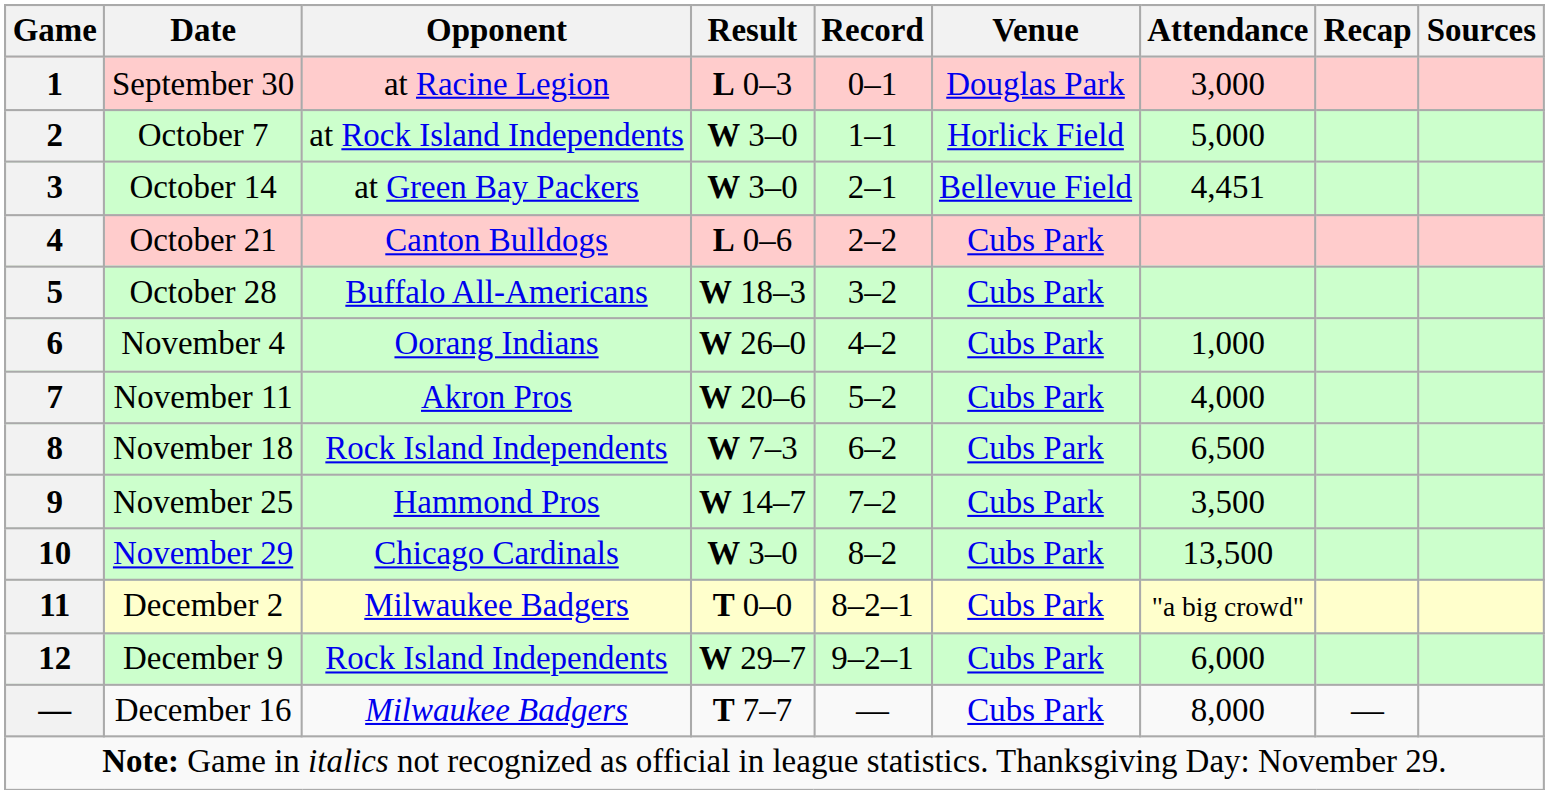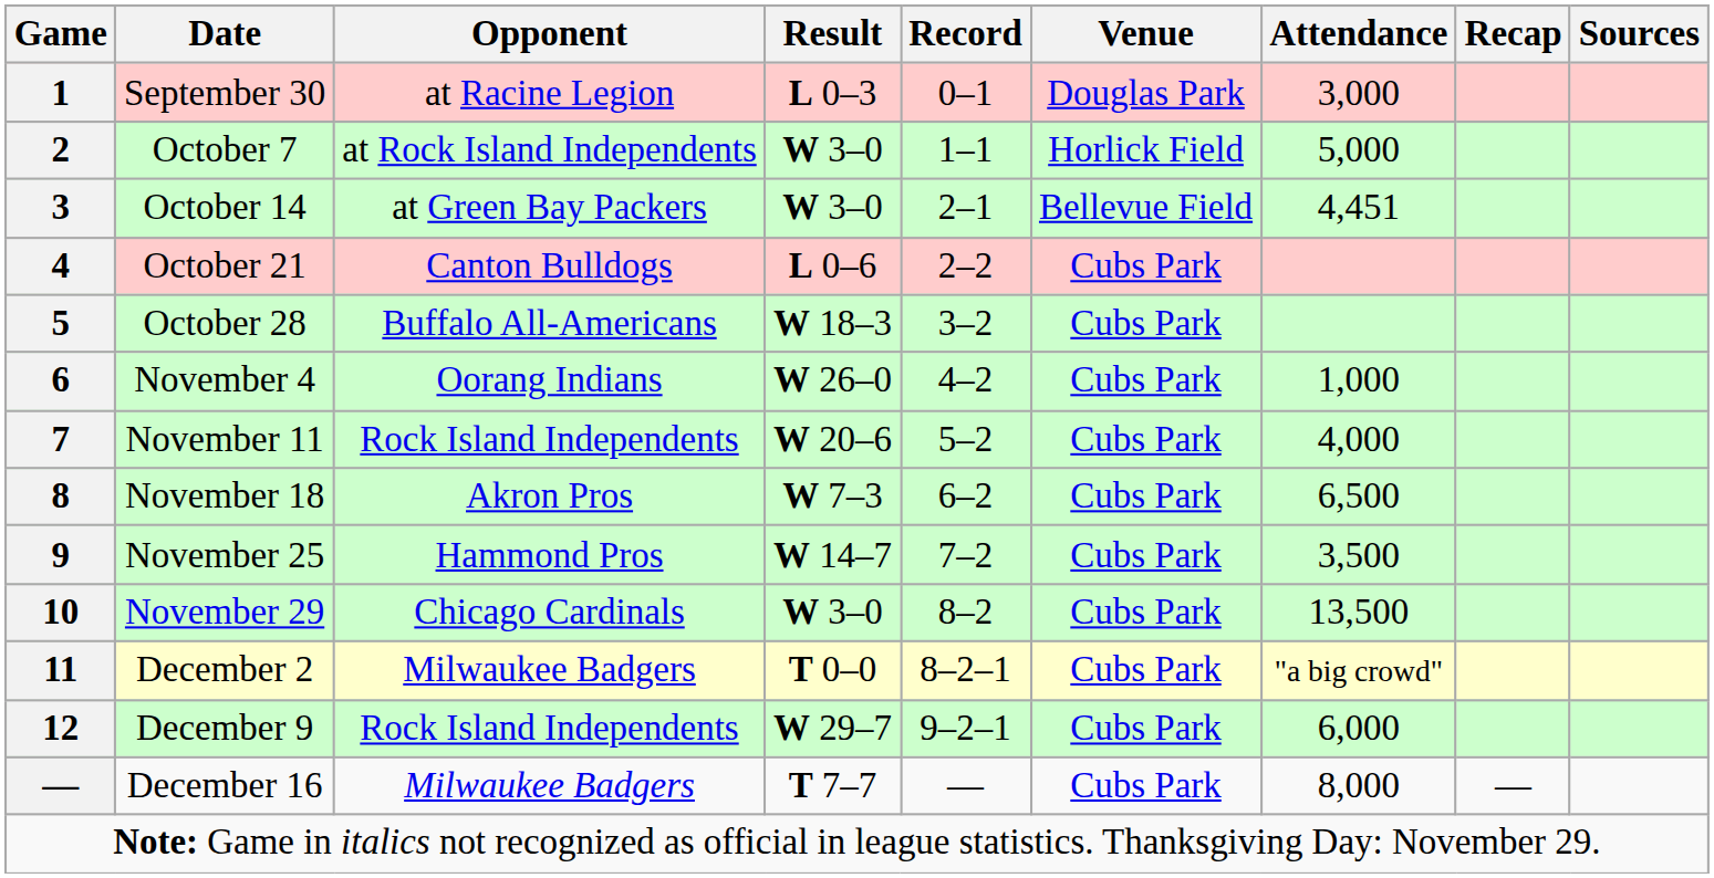 <table class="wikitable" style="text-align:center">
 <tr>
 <th>Game</th>
 <th>Date</th>
 <th>Opponent</th>
 <th>Result</th>
 <th>Record</th>
 <th>Venue</th>
 <th>Attendance</th>
 <th>Recap</th>
 <th>Sources</th>
 </tr>
 <tr style="background:#fcc">
 <th>1</th>
 <td>September  30</td>
 <td>at <a href='#'>Racine Legion</a></td>
 <td><strong>L</strong> 0–3</td>
 <td>0–1</td>
 <td><a href='#'>Douglas Park</a></td>
 <td>3,000 </td>
 <td></td>
 <td></td>
 </tr>
 <tr style="background:#cfc">
 <th>2</th>
 <td>October  7</td>
 <td>at <a href='#'>Rock Island Independents</a></td>
 <td><strong>W</strong> 3–0</td>
 <td>1–1</td>
 <td><a href='#'>Horlick Field</a></td>
 <td>5,000</td>
 <td></td>
 <td></td>
 </tr>
 <tr style="background:#cfc">
 <th>3</th>
 <td>October 14</td>
 <td>at <a href='#'>Green Bay Packers</a></td>
 <td><strong>W</strong> 3–0</td>
 <td>2–1</td>
 <td><a href='#'>Bellevue Field</a></td>
 <td>4,451</td>
 <td></td>
 <td></td>
 </tr>
 <tr style="background:#fcc">
 <th>4</th>
 <td>October 21</td>
 <td><a href='#'>Canton Bulldogs</a></td>
 <td><strong>L</strong> 0–6</td>
 <td>2–2</td>
 <td><a href='#'>Cubs Park</a></td>
 <td></td>
 <td></td>
 <td></td>
 </tr>
 <tr style="background:#cfc">
 <th>5</th>
 <td>October 28</td>
 <td><a href='#'>Buffalo All-Americans</a></td>
 <td><strong>W</strong> 18–3</td>
 <td>3–2</td>
 <td><a href='#'>Cubs Park</a></td>
 <td></td>
 <td></td>
 <td></td>
 </tr>
 <tr style="background:#cfc">
 <th>6</th>
 <td>November 4</td>
 <td><a href='#'>Oorang Indians</a></td>
 <td><strong>W</strong> 26–0</td>
 <td>4–2</td>
 <td><a href='#'>Cubs Park</a></td>
 <td>1,000</td>
 <td></td>
 <td></td>
 </tr>
 <tr style="background:#cfc">
 <th>7</th>
 <td>November 11</td>
-<td><a href='#'>Akron Pros</a></td>
+<td><a href='#'>Rock Island Independents</a></td>
 <td><strong>W</strong> 20–6</td>
 <td>5–2</td>
 <td><a href='#'>Cubs Park</a></td>
 <td>4,000</td>
 <td></td>
 <td></td>
 </tr>
 <tr style="background:#cfc">
 <th>8</th>
 <td>November 18</td>
-<td><a href='#'>Rock Island Independents</a></td>
+<td><a href='#'>Akron Pros</a></td>
 <td><strong>W</strong> 7–3</td>
 <td>6–2</td>
 <td><a href='#'>Cubs Park</a></td>
 <td>6,500</td>
 <td></td>
 <td></td>
 </tr>
 <tr style="background:#cfc">
 <th>9</th>
 <td>November 25</td>
 <td><a href='#'>Hammond Pros</a></td>
 <td><strong>W</strong> 14–7</td>
 <td>7–2</td>
 <td><a href='#'>Cubs Park</a></td>
 <td>3,500</td>
 <td></td>
 <td></td>
 </tr>
 <tr style="background:#cfc">
 <th>10</th>
 <td><a href='#'>November 29</a></td>
 <td><a href='#'>Chicago Cardinals</a></td>
 <td><strong>W</strong> 3–0</td>
 <td>8–2</td>
 <td><a href='#'>Cubs Park</a></td>
 <td>13,500</td>
 <td></td>
 <td></td>
 </tr>
 <tr style="background:#ffc">
 <th>11</th>
 <td>December 2</td>
 <td><a href='#'>Milwaukee Badgers</a></td>
 <td><strong>T</strong> 0–0</td>
 <td>8–2–1</td>
 <td><a href='#'>Cubs Park</a></td>
 <td><small>"a big crowd"</small></td>
 <td></td>
 <td></td>
 </tr>
 <tr style="background:#cfc">
 <th>12</th>
 <td>December 9</td>
 <td><a href='#'>Rock Island Independents</a></td>
 <td><strong>W</strong> 29–7</td>
 <td>9–2–1</td>
 <td><a href='#'>Cubs Park</a></td>
 <td>6,000</td>
 <td></td>
 <td></td>
 </tr>
 <tr>
 <th>—</th>
 <td>December 16</td>
 <td><em><a href='#'>Milwaukee Badgers</a></em></td>
 <td><strong>T</strong> 7–7</td>
 <td>—</td>
 <td><a href='#'>Cubs Park</a></td>
 <td>8,000</td>
 <td>—</td>
 <td></td>
 </tr>
 <tr>
 <td colspan="10"><strong>Note:</strong> Game in <em>italics</em> not recognized as official in league statistics. Thanksgiving Day: November 29.</td>
 </tr>
 </table>
